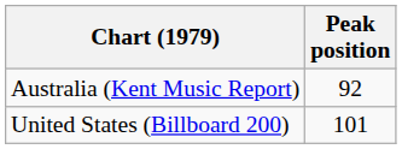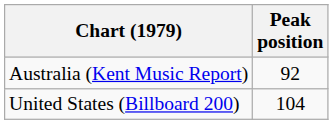 <table class="wikitable">
 <tr>
 <th scope="col">Chart (1979)</th>
 <th>Peak<br>position</th>
 </tr>
 <tr>
 <td>Australia (<a href='#'>Kent Music Report</a>)</td>
 <td style="text-align:center;">92</td>
 </tr>
 <tr>
 <td>United States (<a href='#'>Billboard 200</a>)</td>
-<td style="text-align:center;">101</td>
+<td style="text-align:center;">104</td>
 </tr>
 </table>
